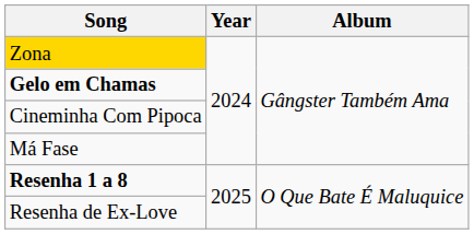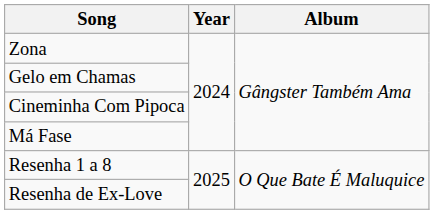 <table class="wikitable">
 <tr>
 <th>Song</th>
 <th>Year</th>
 <th>Album</th>
 </tr>
 <tr>
-<td style="background: gold;">Zona</td>
+<td>Zona</td>
 <td rowspan="4">2024</td>
 <td rowspan="4"><em>Gângster Também Ama</em></td>
 </tr>
 <tr>
-<td><strong>Gelo em Chamas</strong></td>
+<td>Gelo em Chamas</td>
 </tr>
 <tr>
 <td>Cineminha Com Pipoca</td>
 </tr>
 <tr>
 <td>Má Fase</td>
 </tr>
 <tr>
-<td><strong>Resenha 1 a 8</strong></td>
+<td>Resenha 1 a 8</td>
 <td rowspan="2">2025</td>
 <td rowspan="2"><em>O Que Bate É Maluquice</em></td>
 </tr>
 <tr>
 <td>Resenha de Ex-Love</td>
 </tr>
 </table>
